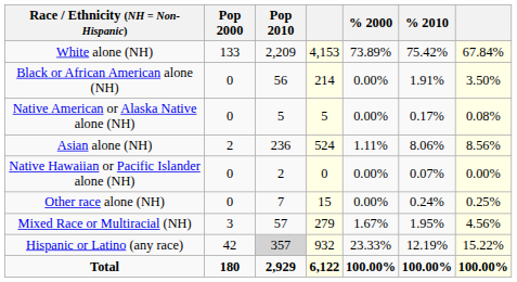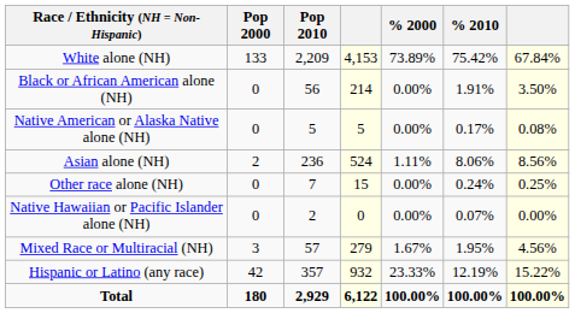 <table class="wikitable" style="text-align:center;">
 <tr>
 <th>Race / Ethnicity <small>(<em>NH = Non-Hispanic</em>)</small></th>
 <th>Pop 2000</th>
 <th>Pop 2010</th>
 <th></th>
 <th>% 2000</th>
 <th>% 2010</th>
 <th></th>
 </tr>
 <tr>
 <td><a href='#'>White</a> alone (NH)</td>
 <td>133</td>
 <td>2,209</td>
 <td style='background: #ffffe6;'>4,153</td>
 <td>73.89%</td>
 <td>75.42%</td>
 <td style='background: #ffffe6;'>67.84%</td>
 </tr>
 <tr>
 <td><a href='#'>Black or African American</a> alone (NH)</td>
 <td>0</td>
 <td>56</td>
 <td style='background: #ffffe6;'>214</td>
 <td>0.00%</td>
 <td>1.91%</td>
 <td style='background: #ffffe6;'>3.50%</td>
 </tr>
 <tr>
 <td><a href='#'>Native American</a> or <a href='#'>Alaska Native</a> alone (NH)</td>
 <td>0</td>
 <td>5</td>
 <td style='background: #ffffe6;'>5</td>
 <td>0.00%</td>
 <td>0.17%</td>
 <td style='background: #ffffe6;'>0.08%</td>
 </tr>
 <tr>
 <td><a href='#'>Asian</a> alone (NH)</td>
 <td>2</td>
 <td>236</td>
 <td style='background: #ffffe6;'>524</td>
 <td>1.11%</td>
 <td>8.06%</td>
 <td style='background: #ffffe6;'>8.56%</td>
 </tr>
 <tr>
+<td><a href='#'>Other race</a> alone (NH)</td>
+<td>0</td>
+<td>7</td>
+<td style='background: #ffffe6;'>15</td>
+<td>0.00%</td>
+<td>0.24%</td>
+<td style='background: #ffffe6;'>0.25%</td>
+</tr>
+<tr>
 <td><a href='#'>Native Hawaiian</a> or <a href='#'>Pacific Islander</a> alone (NH)</td>
 <td>0</td>
 <td>2</td>
 <td style='background: #ffffe6;'>0</td>
 <td>0.00%</td>
 <td>0.07%</td>
 <td style='background: #ffffe6;'>0.00%</td>
-</tr>
-<tr>
-<td><a href='#'>Other race</a> alone (NH)</td>
-<td>0</td>
-<td>7</td>
-<td style='background: #ffffe6;'>15</td>
-<td>0.00%</td>
-<td>0.24%</td>
-<td style='background: #ffffe6;'>0.25%</td>
 </tr>
 <tr>
 <td><a href='#'>Mixed Race or Multiracial</a> (NH)</td>
 <td>3</td>
 <td>57</td>
 <td style='background: #ffffe6;'>279</td>
 <td>1.67%</td>
 <td>1.95%</td>
 <td style='background: #ffffe6;'>4.56%</td>
 </tr>
 <tr>
 <td><a href='#'>Hispanic or Latino</a> (any race)</td>
 <td>42</td>
-<td style="background: lightgrey;">357</td>
+<td>357</td>
 <td style='background: #ffffe6;'>932</td>
 <td>23.33%</td>
 <td>12.19%</td>
 <td style='background: #ffffe6;'>15.22%</td>
 </tr>
 <tr>
 <td><strong>Total</strong></td>
 <td><strong>180</strong></td>
 <td><strong>2,929</strong></td>
 <td style='background: #ffffe6;'><strong>6,122</strong></td>
 <td><strong>100.00%</strong></td>
 <td><strong>100.00%</strong></td>
 <td style='background: #ffffe6;'><strong>100.00%</strong></td>
 </tr>
 </table>
